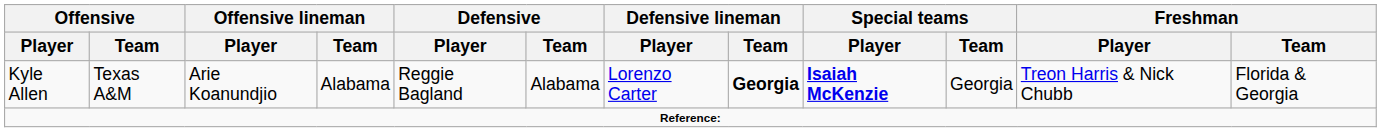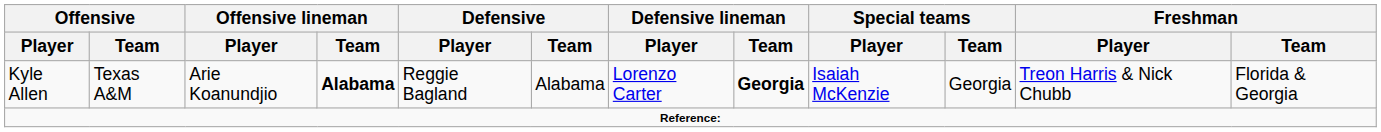 <table class="wikitable" border="1">
 <tr>
 <th colspan="2">Offensive</th>
 <th colspan="2">Offensive lineman</th>
 <th colspan="2">Defensive</th>
 <th colspan="2">Defensive lineman</th>
 <th colspan="2">Special teams</th>
 <th colspan="2">Freshman</th>
 </tr>
 <tr>
 <th>Player</th>
 <th>Team</th>
 <th>Player</th>
 <th>Team</th>
 <th>Player</th>
 <th>Team</th>
 <th>Player</th>
 <th>Team</th>
 <th>Player</th>
 <th>Team</th>
 <th>Player</th>
 <th>Team</th>
 </tr>
 <tr>
 <td>Kyle Allen</td>
 <td>Texas A&M</td>
 <td>Arie Koanundjio</td>
-<td>Alabama</td>
+<td><strong>Alabama</strong></td>
 <td>Reggie Bagland</td>
 <td>Alabama</td>
 <td><a href='#'>Lorenzo Carter</a></td>
 <td><strong>Georgia</strong></td>
-<td><strong><a href='#'>Isaiah McKenzie</a></strong></td>
+<td><a href='#'>Isaiah McKenzie</a></td>
 <td>Georgia</td>
 <td><a href='#'>Treon Harris</a> & Nick Chubb</td>
 <td>Florida & Georgia</td>
 </tr>
 <tr>
 <td colspan="12" style="font-size: 8pt" align="center"><strong>Reference:</strong></td>
 </tr>
 </table>
